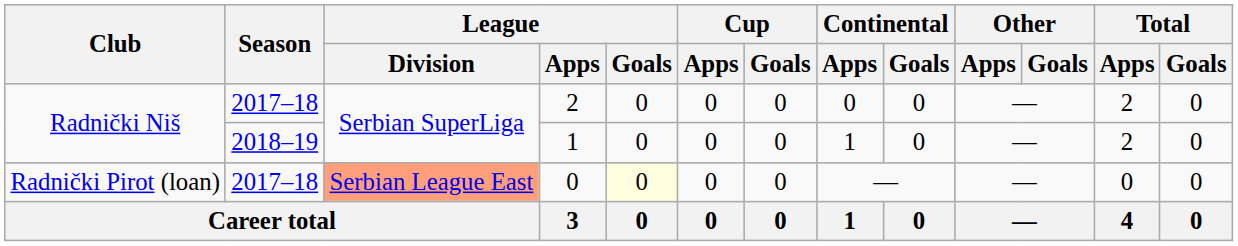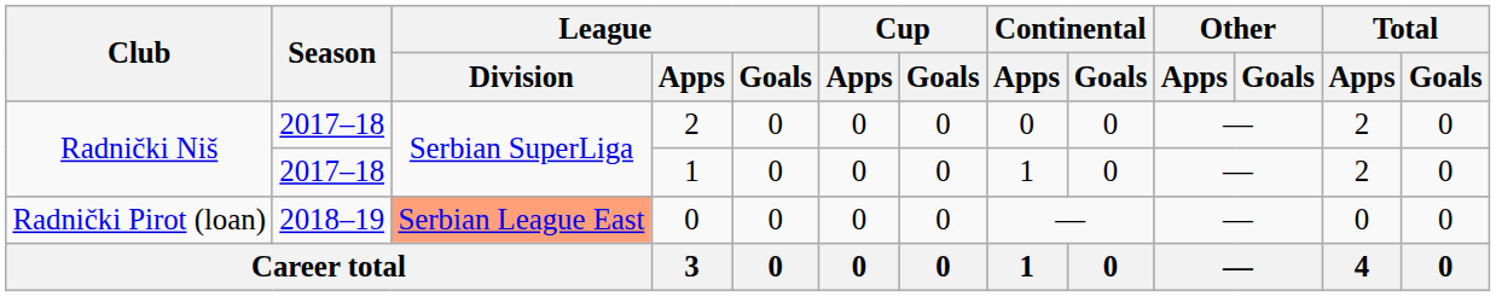 <table class="wikitable" style="text-align:center">
 <tr>
 <th rowspan="2">Club</th>
 <th rowspan="2">Season</th>
 <th colspan="3">League</th>
 <th colspan="2">Cup</th>
 <th colspan="2">Continental</th>
 <th colspan="2">Other</th>
 <th colspan="2">Total</th>
 </tr>
 <tr>
 <th>Division</th>
 <th>Apps</th>
 <th>Goals</th>
 <th>Apps</th>
 <th>Goals</th>
 <th>Apps</th>
 <th>Goals</th>
 <th>Apps</th>
 <th>Goals</th>
 <th>Apps</th>
 <th>Goals</th>
 </tr>
 <tr>
 <td rowspan=2><a href='#'>Radnički Niš</a></td>
 <td><a href='#'>2017–18</a></td>
 <td rowspan=2><a href='#'>Serbian SuperLiga</a></td>
 <td>2</td>
 <td>0</td>
 <td>0</td>
 <td>0</td>
 <td>0</td>
 <td>0</td>
 <td colspan="2">—</td>
 <td>2</td>
 <td>0</td>
 </tr>
 <tr>
-<td><a href='#'>2018–19</a></td>
+<td><a href='#'>2017–18</a></td>
 <td>1</td>
 <td>0</td>
 <td>0</td>
 <td>0</td>
 <td>1</td>
 <td>0</td>
 <td colspan="2">—</td>
 <td>2</td>
 <td>0</td>
 </tr>
 <tr>
 <td><a href='#'>Radnički Pirot</a> (loan)</td>
-<td><a href='#'>2017–18</a></td>
+<td><a href='#'>2018–19</a></td>
 <td style="background: lightsalmon;"><a href='#'>Serbian League East</a></td>
 <td>0</td>
-<td style="background: lightyellow;">0</td>
+<td>0</td>
 <td>0</td>
 <td>0</td>
 <td colspan="2">—</td>
 <td colspan="2">—</td>
 <td>0</td>
 <td>0</td>
 </tr>
 <tr>
 <th colspan="3">Career total</th>
 <th>3</th>
 <th>0</th>
 <th>0</th>
 <th>0</th>
 <th>1</th>
 <th>0</th>
 <th colspan="2">—</th>
 <th>4</th>
 <th>0</th>
 </tr>
 </table>
